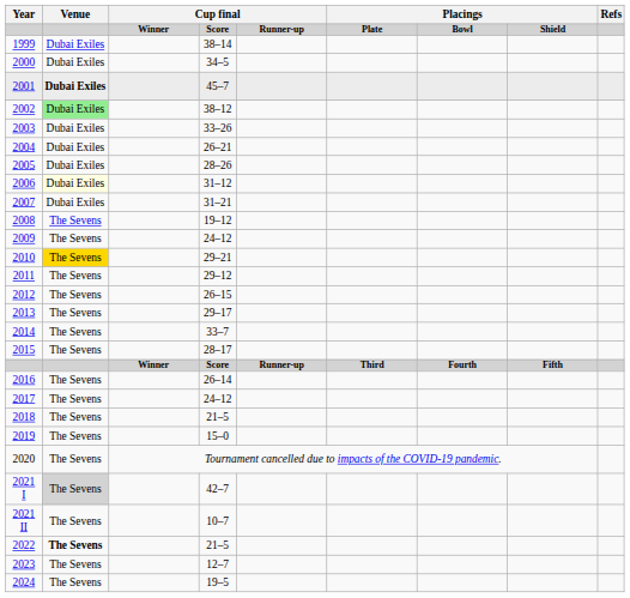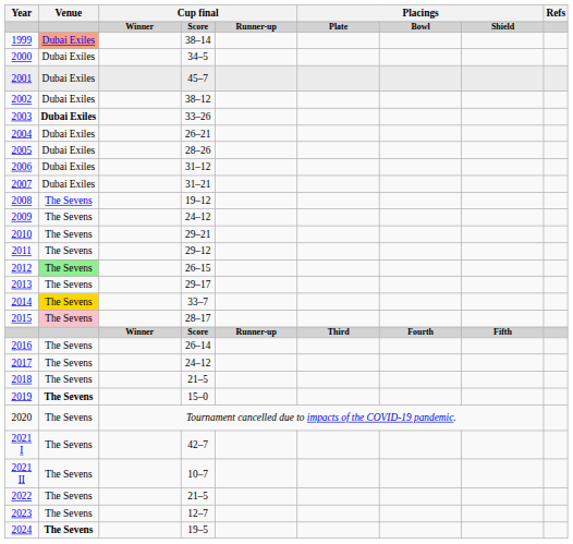 <table class="wikitable" style="font-size:90%; text-align: center;">
 <tr>
 <th>Year</th>
 <th>Venue</th>
 <th colspan=3>Cup final</th>
 <th colspan=3>Placings</th>
 <th>Refs</th>
 </tr>
 <tr bgcolor=lightgrey style="line-height:9px; font-size:85%; padding:0px;">
 <td style="border-left:0px;"></td>
 <td></td>
 <td style="width:9em; font-weight:bold;">Winner</td>
 <td style="width:3.5em; font-weight:bold;">Score</td>
 <td style="width:9em; font-weight:bold;">Runner-up</td>
 <td style="width:9em; font-weight:bold;">Plate</td>
 <td style="width:9em; font-weight:bold;">Bowl</td>
 <td style="width:9em; font-weight:bold;">Shield</td>
 <td></td>
 </tr>
 <tr>
 <td><a href='#'>1999</a></td>
-<td><a href='#'>Dubai Exiles</a></td>
+<td style="background: lightsalmon;"><a href='#'>Dubai Exiles</a></td>
 <td></td>
 <td>38–14</td>
 <td></td>
 <td></td>
 <td></td>
 <td></td>
 <td></td>
 </tr>
 <tr>
 <td><a href='#'>2000</a></td>
 <td>Dubai Exiles</td>
 <td></td>
 <td>34–5</td>
 <td></td>
 <td></td>
 <td></td>
 <td></td>
 <td></td>
 </tr>
 <tr bgcolor=ececec>
 <td style="padding:9px; 3px;"><a href='#'>2001</a></td>
-<td><strong>Dubai Exiles</strong></td>
+<td>Dubai Exiles</td>
 <td></td>
 <td>45–7</td>
 <td></td>
 <td></td>
 <td></td>
 <td></td>
 <td></td>
 </tr>
 <tr>
 <td><a href='#'>2002</a></td>
-<td style="background: lightgreen;">Dubai Exiles</td>
+<td>Dubai Exiles</td>
 <td></td>
 <td>38–12</td>
 <td></td>
 <td></td>
 <td></td>
 <td></td>
 <td></td>
 </tr>
 <tr>
 <td><a href='#'>2003</a></td>
-<td>Dubai Exiles</td>
+<td><strong>Dubai Exiles</strong></td>
 <td></td>
 <td>33–26</td>
 <td></td>
 <td></td>
 <td></td>
 <td></td>
 <td></td>
 </tr>
 <tr>
 <td><a href='#'>2004</a></td>
 <td>Dubai Exiles</td>
 <td></td>
 <td>26–21</td>
 <td></td>
 <td></td>
 <td></td>
 <td></td>
 <td></td>
 </tr>
 <tr>
 <td><a href='#'>2005</a></td>
 <td>Dubai Exiles</td>
 <td></td>
 <td>28–26</td>
 <td></td>
 <td></td>
 <td></td>
 <td></td>
 <td></td>
 </tr>
 <tr>
 <td><a href='#'>2006</a></td>
-<td style="background: lightyellow;">Dubai Exiles</td>
+<td>Dubai Exiles</td>
 <td></td>
 <td>31–12</td>
 <td></td>
 <td></td>
 <td></td>
 <td></td>
 <td></td>
 </tr>
 <tr>
 <td><a href='#'>2007</a></td>
 <td>Dubai Exiles</td>
 <td></td>
 <td>31–21</td>
 <td></td>
 <td></td>
 <td></td>
 <td></td>
 <td></td>
 </tr>
 <tr>
 <td><a href='#'>2008</a></td>
 <td><a href='#'>The Sevens</a></td>
 <td></td>
 <td>19–12</td>
 <td></td>
 <td></td>
 <td></td>
 <td></td>
 <td></td>
 </tr>
 <tr>
 <td><a href='#'>2009</a></td>
 <td>The Sevens</td>
 <td></td>
 <td>24–12</td>
 <td></td>
 <td></td>
 <td></td>
 <td></td>
 <td></td>
 </tr>
 <tr>
 <td><a href='#'>2010</a></td>
-<td style="background: gold;">The Sevens</td>
+<td>The Sevens</td>
 <td></td>
 <td>29–21</td>
 <td></td>
 <td></td>
 <td></td>
 <td></td>
 <td></td>
 </tr>
 <tr>
 <td><a href='#'>2011</a></td>
 <td>The Sevens</td>
 <td></td>
 <td>29–12</td>
 <td></td>
 <td></td>
 <td></td>
 <td></td>
 <td></td>
 </tr>
 <tr>
 <td><a href='#'>2012</a></td>
-<td>The Sevens</td>
+<td style="background: lightgreen;">The Sevens</td>
 <td></td>
 <td>26–15</td>
 <td></td>
 <td></td>
 <td></td>
 <td></td>
 <td></td>
 </tr>
 <tr>
 <td><a href='#'>2013</a></td>
 <td>The Sevens</td>
 <td></td>
 <td>29–17</td>
 <td></td>
 <td></td>
 <td></td>
 <td></td>
 <td></td>
 </tr>
 <tr>
 <td><a href='#'>2014</a></td>
-<td>The Sevens</td>
+<td style="background: gold;">The Sevens</td>
 <td></td>
 <td>33–7</td>
 <td></td>
 <td></td>
 <td></td>
 <td></td>
 <td></td>
 </tr>
 <tr>
 <td><a href='#'>2015</a></td>
-<td>The Sevens</td>
+<td style="background: pink;">The Sevens</td>
 <td></td>
 <td>28–17</td>
 <td></td>
 <td></td>
 <td></td>
 <td></td>
 <td></td>
 </tr>
 <tr bgcolor=lightgrey style="line-height:9px; font-size:85%; padding:0px;">
 <td></td>
 <td style="border-left:0px;"></td>
 <td style="font-weight:bold;">Winner</td>
 <td style="font-weight:bold;">Score</td>
 <td style="font-weight:bold;">Runner-up</td>
 <td style="font-weight:bold;">Third</td>
 <td style="font-weight:bold;">Fourth</td>
 <td style="font-weight:bold;">Fifth</td>
 <td></td>
 </tr>
 <tr>
 <td><a href='#'>2016</a></td>
 <td>The Sevens</td>
 <td></td>
 <td>26–14</td>
 <td></td>
 <td></td>
 <td></td>
 <td></td>
 <td></td>
 </tr>
 <tr>
 <td><a href='#'>2017</a></td>
 <td>The Sevens</td>
 <td></td>
 <td>24–12</td>
 <td></td>
 <td></td>
 <td></td>
 <td></td>
 <td></td>
 </tr>
 <tr>
 <td><a href='#'>2018</a></td>
 <td>The Sevens</td>
 <td></td>
 <td>21–5</td>
 <td></td>
 <td></td>
 <td></td>
 <td></td>
 <td></td>
 </tr>
 <tr>
 <td><a href='#'>2019</a></td>
-<td>The Sevens</td>
+<td><strong>The Sevens</strong></td>
 <td></td>
 <td>15–0</td>
 <td></td>
 <td></td>
 <td></td>
 <td></td>
 <td></td>
 </tr>
 <tr>
 <td style="padding:9px; 3px;">2020</td>
 <td>The Sevens</td>
 <td colspan=6><em>Tournament cancelled due to <a href='#'>impacts of the COVID-19 pandemic</a>.</em></td>
 <td><br></td>
 </tr>
 <tr>
 <td><a href='#'>2021<br>I</a></td>
-<td style="background: lightgrey;">The Sevens</td>
+<td>The Sevens</td>
 <td></td>
 <td>42–7</td>
 <td></td>
 <td></td>
 <td></td>
 <td></td>
 <td></td>
 </tr>
 <tr>
 <td><a href='#'>2021<br>II</a></td>
 <td>The Sevens</td>
 <td></td>
 <td>10–7</td>
 <td></td>
 <td></td>
 <td></td>
 <td></td>
 <td></td>
 </tr>
 <tr>
 <td><a href='#'>2022</a></td>
-<td><strong>The Sevens</strong></td>
+<td>The Sevens</td>
 <td></td>
 <td>21–5</td>
 <td></td>
 <td></td>
 <td></td>
 <td></td>
 <td></td>
 </tr>
 <tr>
 <td><a href='#'>2023</a></td>
 <td>The Sevens</td>
 <td></td>
 <td>12–7</td>
 <td></td>
 <td></td>
 <td></td>
 <td></td>
 <td></td>
 </tr>
 <tr>
 <td><a href='#'>2024</a></td>
-<td>The Sevens</td>
+<td><strong>The Sevens</strong></td>
 <td></td>
 <td>19–5</td>
 <td></td>
 <td></td>
 <td></td>
 <td></td>
 <td></td>
 </tr>
 </table>
